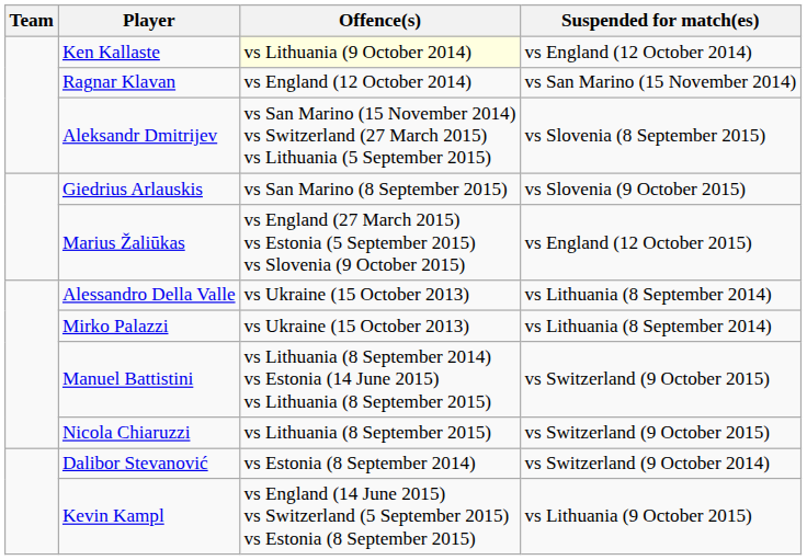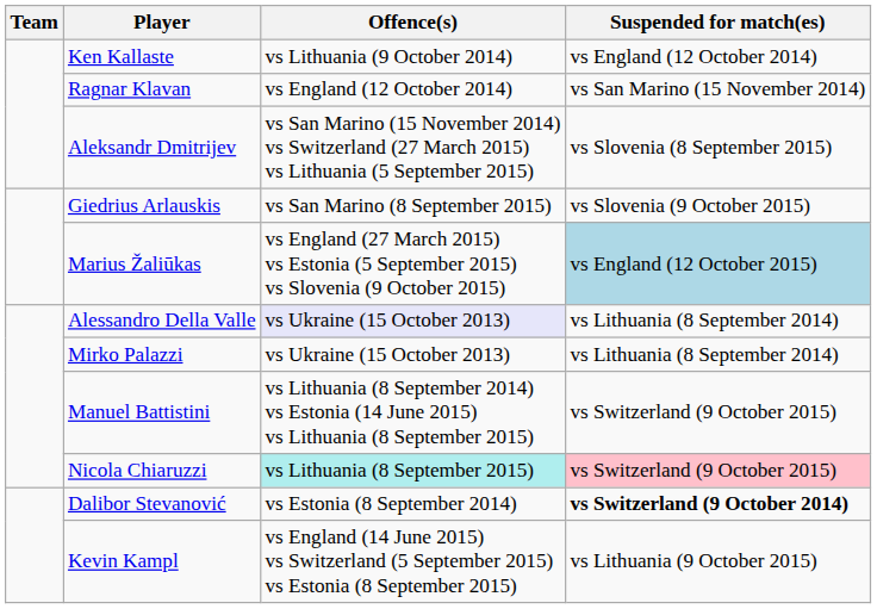 <table class="wikitable" style="font-size:90%">
 <tr>
 <th>Team</th>
 <th>Player</th>
 <th>Offence(s)</th>
 <th>Suspended for match(es)</th>
 </tr>
 <tr>
 <td rowspan=3></td>
 <td><a href='#'>Ken Kallaste</a></td>
-<td style="background: lightyellow;"> vs Lithuania (9 October 2014)</td>
+<td> vs Lithuania (9 October 2014)</td>
 <td>vs England (12 October 2014)</td>
 </tr>
 <tr>
 <td><a href='#'>Ragnar Klavan</a></td>
 <td> vs England (12 October 2014)</td>
 <td>vs San Marino (15 November 2014)</td>
 </tr>
 <tr>
 <td><a href='#'>Aleksandr Dmitrijev</a></td>
 <td> vs San Marino (15 November 2014)<br> vs Switzerland (27 March 2015)<br> vs Lithuania (5 September 2015)</td>
 <td>vs Slovenia (8 September 2015)</td>
 </tr>
 <tr>
 <td rowspan=2></td>
 <td><a href='#'>Giedrius Arlauskis</a></td>
 <td> vs San Marino (8 September 2015)</td>
 <td>vs Slovenia (9 October 2015)</td>
 </tr>
 <tr>
 <td><a href='#'>Marius Žaliūkas</a></td>
 <td> vs England (27 March 2015)<br> vs Estonia (5 September 2015)<br> vs Slovenia (9 October 2015)</td>
-<td>vs England (12 October 2015)</td>
+<td style="background: lightblue;">vs England (12 October 2015)</td>
 </tr>
 <tr>
 <td rowspan=4></td>
 <td><a href='#'>Alessandro Della Valle</a></td>
-<td> vs Ukraine (15 October 2013)</td>
+<td style="background: lavender;"> vs Ukraine (15 October 2013)</td>
 <td>vs Lithuania (8 September 2014)</td>
 </tr>
 <tr>
 <td><a href='#'>Mirko Palazzi</a></td>
 <td> vs Ukraine (15 October 2013)</td>
 <td>vs Lithuania (8 September 2014)</td>
 </tr>
 <tr>
 <td><a href='#'>Manuel Battistini</a></td>
 <td> vs Lithuania (8 September 2014)<br> vs Estonia (14 June 2015)<br> vs Lithuania (8 September 2015)</td>
 <td>vs Switzerland (9 October 2015)</td>
 </tr>
 <tr>
 <td><a href='#'>Nicola Chiaruzzi</a></td>
-<td> vs Lithuania (8 September 2015)</td>
-<td>vs Switzerland (9 October 2015)</td>
+<td style="background: paleturquoise;"> vs Lithuania (8 September 2015)</td>
+<td style="background: pink;">vs Switzerland (9 October 2015)</td>
 </tr>
 <tr>
 <td rowspan=2></td>
 <td><a href='#'>Dalibor Stevanović</a></td>
 <td> vs Estonia (8 September 2014)</td>
-<td>vs Switzerland (9 October 2014)</td>
+<td><strong>vs Switzerland (9 October 2014)</strong></td>
 </tr>
 <tr>
 <td><a href='#'>Kevin Kampl</a></td>
 <td> vs England (14 June 2015)<br> vs Switzerland (5 September 2015)<br> vs Estonia (8 September 2015)</td>
 <td>vs Lithuania (9 October 2015)</td>
 </tr>
 </table>
